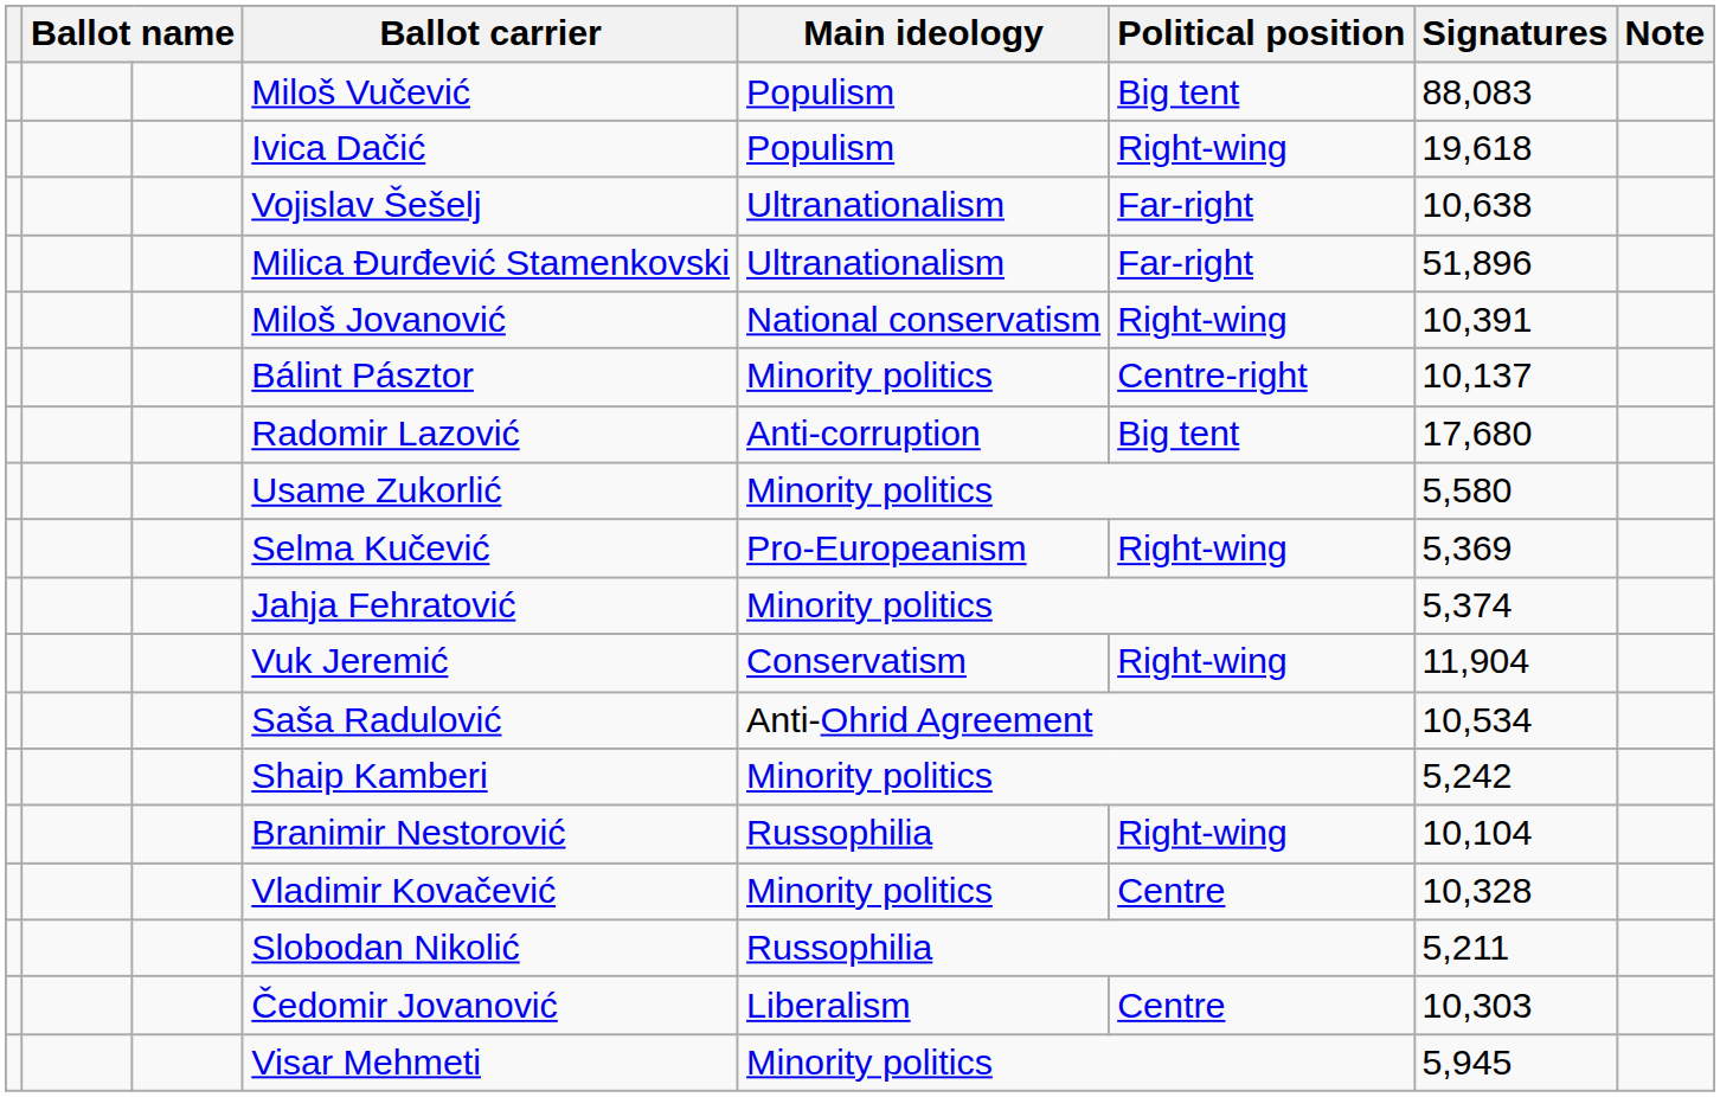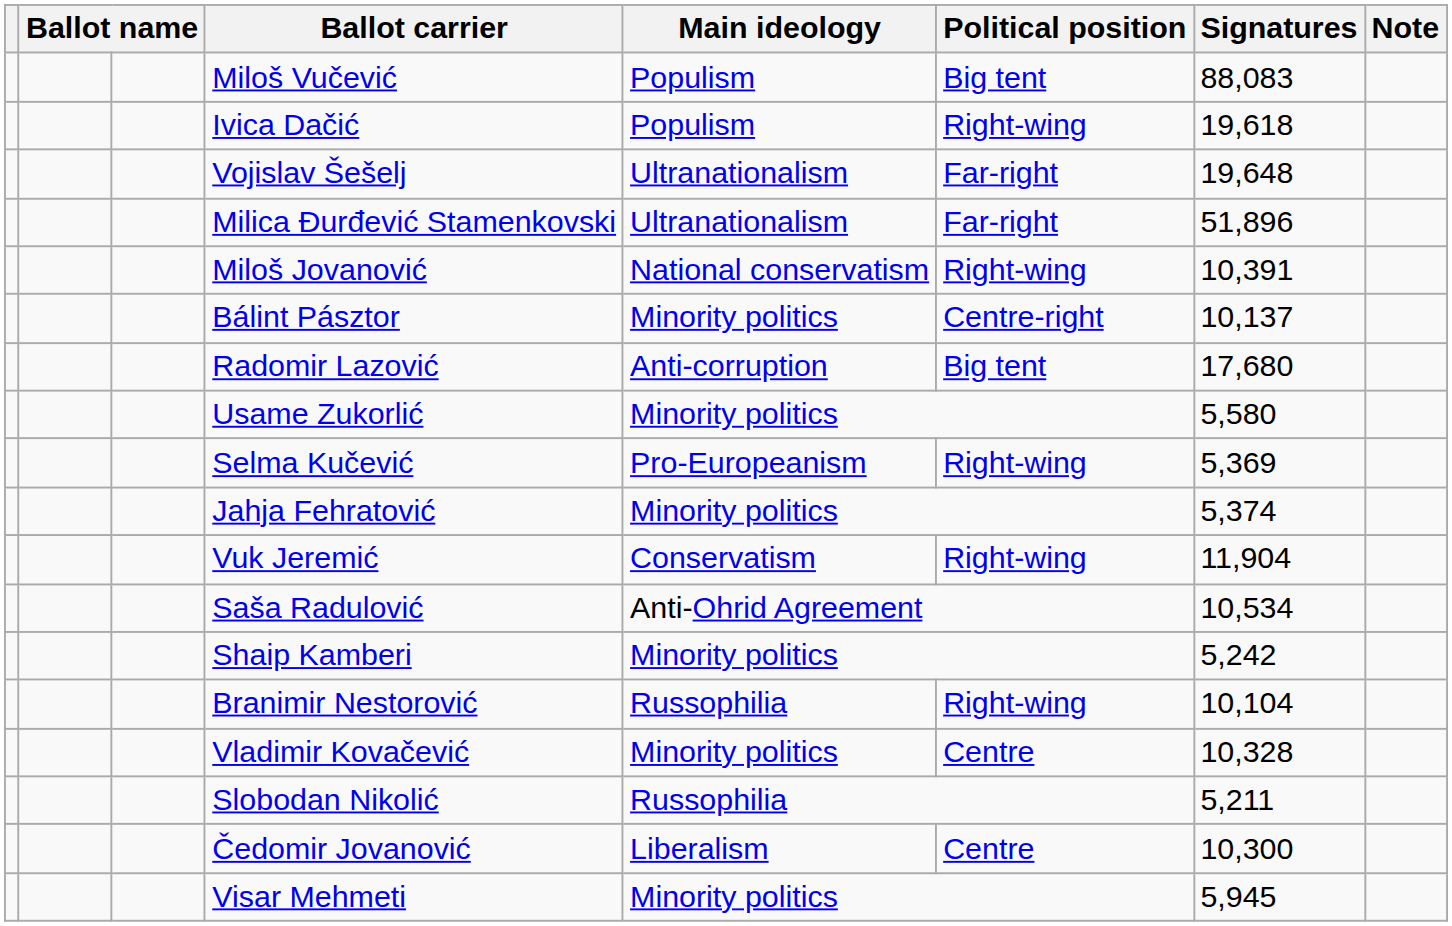 <table class="wikitable">
 <tr>
 <th></th>
 <th colspan="2">Ballot name</th>
 <th>Ballot carrier</th>
 <th>Main ideology</th>
 <th>Political position</th>
 <th>Signatures</th>
 <th>Note</th>
 </tr>
 <tr>
 <td></td>
 <td style="background:"></td>
 <td></td>
 <td><a href='#'>Miloš Vučević</a></td>
 <td><a href='#'>Populism</a></td>
 <td><a href='#'>Big tent</a></td>
 <td>88,083</td>
 <td></td>
 </tr>
 <tr>
 <td></td>
 <td style="background:"></td>
 <td></td>
 <td><a href='#'>Ivica Dačić</a></td>
 <td><a href='#'>Populism</a></td>
 <td><a href='#'>Right-wing</a></td>
 <td>19,618</td>
 <td></td>
 </tr>
 <tr>
 <td></td>
 <td style="background:"></td>
 <td></td>
 <td><a href='#'>Vojislav Šešelj</a></td>
 <td><a href='#'>Ultranationalism</a></td>
 <td><a href='#'>Far-right</a></td>
-<td>10,638</td>
+<td>19,648</td>
 <td></td>
 </tr>
 <tr>
 <td></td>
 <td style="background:"></td>
 <td></td>
 <td><a href='#'>Milica Đurđević Stamenkovski</a></td>
 <td><a href='#'>Ultranationalism</a></td>
 <td><a href='#'>Far-right</a></td>
 <td>51,896</td>
 <td></td>
 </tr>
 <tr>
 <td></td>
 <td style="background:"></td>
 <td></td>
 <td><a href='#'>Miloš Jovanović</a></td>
 <td><a href='#'>National conservatism</a></td>
 <td><a href='#'>Right-wing</a></td>
 <td>10,391</td>
 <td></td>
 </tr>
 <tr>
 <td></td>
 <td style="background:"></td>
 <td></td>
 <td><a href='#'>Bálint Pásztor</a></td>
 <td><a href='#'>Minority politics</a></td>
 <td><a href='#'>Centre-right</a></td>
 <td>10,137</td>
 <td></td>
 </tr>
 <tr>
 <td></td>
 <td style="background:"></td>
 <td></td>
 <td><a href='#'>Radomir Lazović</a></td>
 <td><a href='#'>Anti-corruption</a></td>
 <td><a href='#'>Big tent</a></td>
 <td>17,680</td>
 <td></td>
 </tr>
 <tr>
 <td></td>
 <td style="background:"></td>
 <td></td>
 <td><a href='#'>Usame Zukorlić</a></td>
 <td colspan="2"><a href='#'>Minority politics</a></td>
 <td>5,580</td>
 <td></td>
 </tr>
 <tr>
 <td></td>
 <td style="background:"></td>
 <td></td>
 <td><a href='#'>Selma Kučević</a></td>
 <td><a href='#'>Pro-Europeanism</a></td>
 <td><a href='#'>Right-wing</a></td>
 <td>5,369</td>
 <td></td>
 </tr>
 <tr>
 <td></td>
 <td style="background:"></td>
 <td></td>
 <td><a href='#'>Jahja Fehratović</a></td>
 <td colspan="2"><a href='#'>Minority politics</a></td>
 <td>5,374</td>
 <td></td>
 </tr>
 <tr>
 <td></td>
 <td style="background:"></td>
 <td></td>
 <td><a href='#'>Vuk Jeremić</a></td>
 <td><a href='#'>Conservatism</a></td>
 <td><a href='#'>Right-wing</a></td>
 <td>11,904</td>
 <td></td>
 </tr>
 <tr>
 <td></td>
 <td style="background:"></td>
 <td></td>
 <td><a href='#'>Saša Radulović</a></td>
 <td colspan="2">Anti-<a href='#'>Ohrid Agreement</a></td>
 <td>10,534</td>
 <td></td>
 </tr>
 <tr>
 <td></td>
 <td style="background:"></td>
 <td></td>
 <td><a href='#'>Shaip Kamberi</a></td>
 <td colspan="2"><a href='#'>Minority politics</a></td>
 <td>5,242</td>
 <td></td>
 </tr>
 <tr>
 <td></td>
 <td style="background:"></td>
 <td></td>
 <td><a href='#'>Branimir Nestorović</a></td>
 <td><a href='#'>Russophilia</a></td>
 <td><a href='#'>Right-wing</a></td>
 <td>10,104</td>
 <td></td>
 </tr>
 <tr>
 <td></td>
 <td style="background:"></td>
 <td></td>
 <td><a href='#'>Vladimir Kovačević</a></td>
 <td><a href='#'>Minority politics</a></td>
 <td><a href='#'>Centre</a></td>
 <td>10,328</td>
 <td></td>
 </tr>
 <tr>
 <td></td>
 <td style="background:"></td>
 <td></td>
 <td><a href='#'>Slobodan Nikolić</a></td>
 <td colspan="2"><a href='#'>Russophilia</a></td>
 <td>5,211</td>
 <td></td>
 </tr>
 <tr>
 <td></td>
 <td style="background:"></td>
 <td></td>
 <td><a href='#'>Čedomir Jovanović</a></td>
 <td><a href='#'>Liberalism</a></td>
 <td><a href='#'>Centre</a></td>
-<td>10,303</td>
+<td>10,300</td>
 <td></td>
 </tr>
 <tr>
 <td></td>
 <td style="background:"></td>
 <td></td>
 <td><a href='#'>Visar Mehmeti</a></td>
 <td colspan="2"><a href='#'>Minority politics</a></td>
 <td>5,945</td>
 <td></td>
 </tr>
 </table>
